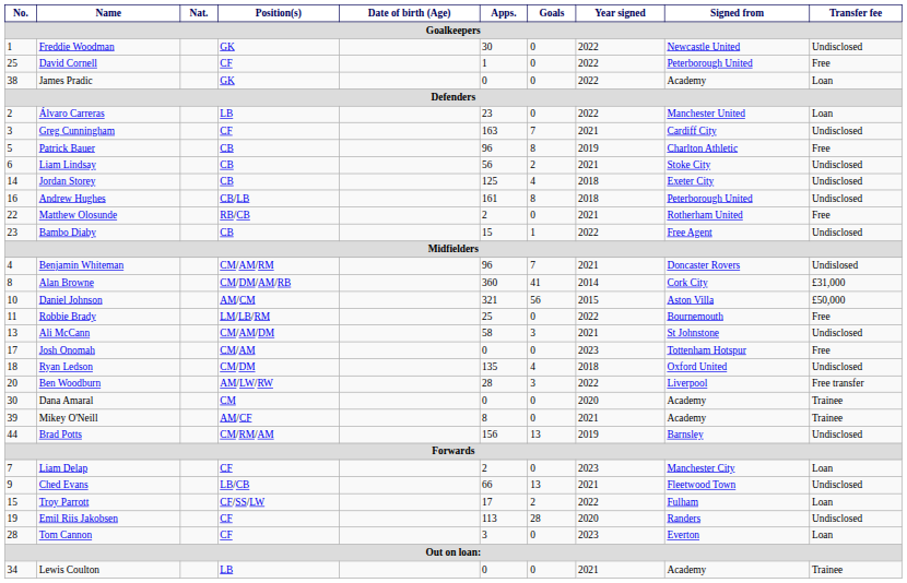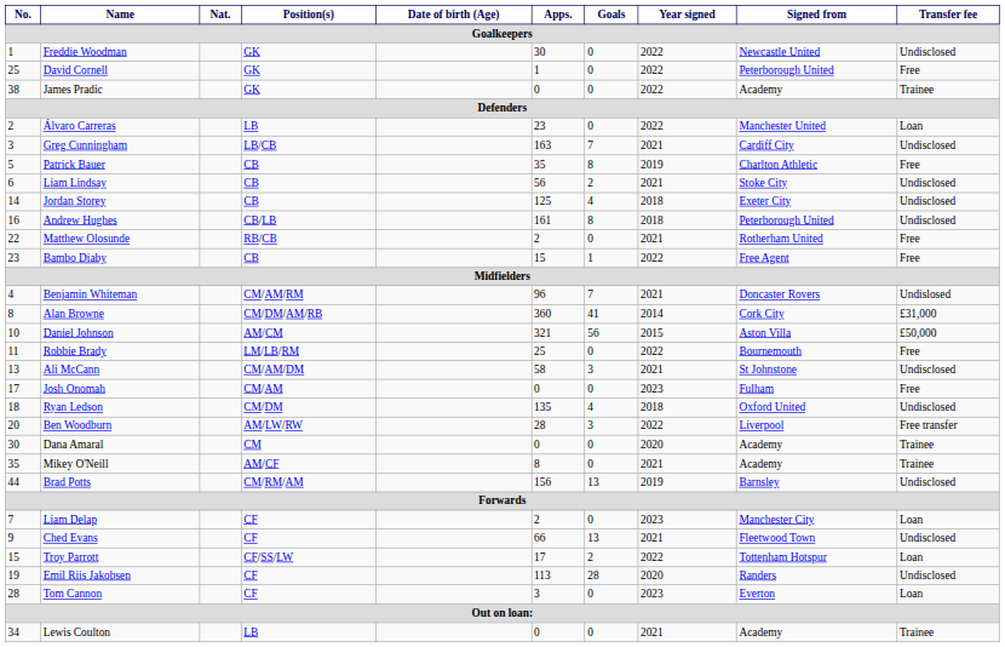 <table class="wikitable" style="font-size:90%;width:100%">
 <tr>
 <th style="background:#ffffff;color:#00005a;border:1px solid #000056">No.</th>
 <th style="background:#ffffff;color:#00005a;border:1px solid #000056">Name</th>
 <th style="background:#ffffff;color:#00005a;border:1px solid #000056">Nat.</th>
 <th style="background:#ffffff;color:#00005a;border:1px solid #000056">Position(s)</th>
 <th style="background:#ffffff;color:#00005a;border:1px solid #000056">Date of birth (Age)</th>
 <th style="background:#ffffff;color:#00005a;border:1px solid #000056">Apps.</th>
 <th style="background:#ffffff;color:#00005a;border:1px solid #000056">Goals</th>
 <th style="background:#ffffff;color:#00005a;border:1px solid #000056">Year signed</th>
 <th style="background:#ffffff;color:#00005a;border:1px solid #000056">Signed from</th>
 <th style="background:#ffffff;color:#00005a;border:1px solid #000056">Transfer fee</th>
 </tr>
 <tr>
 <th colspan=11 style="background:#dcdcdc">Goalkeepers</th>
 </tr>
 <tr>
 <td>1</td>
 <td><a href='#'>Freddie Woodman</a></td>
 <td></td>
 <td><a href='#'>GK</a></td>
 <td></td>
 <td>30</td>
 <td>0</td>
 <td>2022</td>
 <td> <a href='#'>Newcastle United</a></td>
 <td>Undisclosed</td>
 </tr>
 <tr>
 <td>25</td>
 <td><a href='#'>David Cornell</a></td>
 <td></td>
-<td><a href='#'>CF</a></td>
+<td><a href='#'>GK</a></td>
 <td></td>
 <td>1</td>
 <td>0</td>
 <td>2022</td>
 <td> <a href='#'>Peterborough United</a></td>
 <td>Free</td>
 </tr>
 <tr>
 <td>38</td>
 <td>James Pradic</td>
 <td></td>
 <td><a href='#'>GK</a></td>
 <td></td>
 <td>0</td>
 <td>0</td>
 <td>2022</td>
 <td>Academy</td>
-<td>Loan</td>
+<td>Trainee</td>
 </tr>
 <tr>
 <th colspan=11 style="background:#dcdcdc">Defenders</th>
 </tr>
 <tr>
 <td>2</td>
 <td><a href='#'>Álvaro Carreras</a></td>
 <td></td>
 <td><a href='#'>LB</a></td>
 <td></td>
 <td>23</td>
 <td>0</td>
 <td>2022</td>
 <td> <a href='#'>Manchester United</a></td>
 <td>Loan</td>
 </tr>
 <tr>
 <td>3</td>
 <td><a href='#'>Greg Cunningham</a></td>
 <td></td>
-<td><a href='#'>CF</a></td>
+<td><a href='#'>LB</a>/<a href='#'>CB</a></td>
 <td></td>
 <td>163</td>
 <td>7</td>
 <td>2021</td>
 <td> <a href='#'>Cardiff City</a></td>
 <td>Undisclosed</td>
 </tr>
 <tr>
 <td>5</td>
 <td><a href='#'>Patrick Bauer</a></td>
 <td></td>
 <td><a href='#'>CB</a></td>
 <td></td>
-<td>96</td>
+<td>35</td>
 <td>8</td>
 <td>2019</td>
 <td> <a href='#'>Charlton Athletic</a></td>
 <td>Free</td>
 </tr>
 <tr>
 <td>6</td>
 <td><a href='#'>Liam Lindsay</a></td>
 <td></td>
 <td><a href='#'>CB</a></td>
 <td></td>
 <td>56</td>
 <td>2</td>
 <td>2021</td>
 <td> <a href='#'>Stoke City</a></td>
 <td>Undisclosed</td>
 </tr>
 <tr>
 <td>14</td>
 <td><a href='#'>Jordan Storey</a></td>
 <td></td>
 <td><a href='#'>CB</a></td>
 <td></td>
 <td>125</td>
 <td>4</td>
 <td>2018</td>
 <td> <a href='#'>Exeter City</a></td>
 <td>Undisclosed</td>
 </tr>
 <tr>
 <td>16</td>
 <td><a href='#'>Andrew Hughes</a></td>
 <td></td>
 <td><a href='#'>CB</a>/<a href='#'>LB</a></td>
 <td></td>
 <td>161</td>
 <td>8</td>
 <td>2018</td>
 <td> <a href='#'>Peterborough United</a></td>
 <td>Undisclosed</td>
 </tr>
 <tr>
 <td>22</td>
 <td><a href='#'>Matthew Olosunde</a></td>
 <td></td>
 <td><a href='#'>RB</a>/<a href='#'>CB</a></td>
 <td></td>
 <td>2</td>
 <td>0</td>
 <td>2021</td>
 <td> <a href='#'>Rotherham United</a></td>
 <td>Free</td>
 </tr>
 <tr>
 <td>23</td>
 <td><a href='#'>Bambo Diaby</a></td>
 <td></td>
 <td><a href='#'>CB</a></td>
 <td></td>
 <td>15</td>
 <td>1</td>
 <td>2022</td>
 <td><a href='#'>Free Agent</a></td>
-<td>Undisclosed</td>
+<td>Free</td>
 </tr>
 <tr>
 <th colspan=11 style="background:#dcdcdc">Midfielders</th>
 </tr>
 <tr>
 <td>4</td>
 <td><a href='#'>Benjamin Whiteman</a></td>
 <td></td>
 <td><a href='#'>CM</a>/<a href='#'>AM</a>/<a href='#'>RM</a></td>
 <td></td>
 <td>96</td>
 <td>7</td>
 <td>2021</td>
 <td> <a href='#'>Doncaster Rovers</a></td>
 <td>Undislosed</td>
 </tr>
 <tr>
 <td>8</td>
 <td><a href='#'>Alan Browne</a></td>
 <td></td>
 <td><a href='#'>CM</a>/<a href='#'>DM</a>/<a href='#'>AM</a>/<a href='#'>RB</a></td>
 <td></td>
 <td>360</td>
 <td>41</td>
 <td>2014</td>
 <td> <a href='#'>Cork City</a></td>
 <td>£31,000</td>
 </tr>
 <tr>
 <td>10</td>
 <td><a href='#'>Daniel Johnson</a></td>
 <td></td>
 <td><a href='#'>AM</a>/<a href='#'>CM</a></td>
 <td></td>
 <td>321</td>
 <td>56</td>
 <td>2015</td>
 <td> <a href='#'>Aston Villa</a></td>
 <td>£50,000</td>
 </tr>
 <tr>
 <td>11</td>
 <td><a href='#'>Robbie Brady</a></td>
 <td></td>
 <td><a href='#'>LM</a>/<a href='#'>LB</a>/<a href='#'>RM</a></td>
 <td></td>
 <td>25</td>
 <td>0</td>
 <td>2022</td>
 <td> <a href='#'>Bournemouth</a></td>
 <td>Free</td>
 </tr>
 <tr>
 <td>13</td>
 <td><a href='#'>Ali McCann</a></td>
 <td></td>
 <td><a href='#'>CM</a>/<a href='#'>AM</a>/<a href='#'>DM</a></td>
 <td></td>
 <td>58</td>
 <td>3</td>
 <td>2021</td>
 <td> <a href='#'>St Johnstone</a></td>
 <td>Undisclosed</td>
 </tr>
 <tr>
 <td>17</td>
 <td><a href='#'>Josh Onomah</a></td>
 <td></td>
 <td><a href='#'>CM</a>/<a href='#'>AM</a></td>
 <td></td>
 <td>0</td>
 <td>0</td>
 <td>2023</td>
-<td> <a href='#'>Tottenham Hotspur</a></td>
+<td> <a href='#'>Fulham</a></td>
 <td>Free</td>
 </tr>
 <tr>
 <td>18</td>
 <td><a href='#'>Ryan Ledson</a></td>
 <td></td>
 <td><a href='#'>CM</a>/<a href='#'>DM</a></td>
 <td></td>
 <td>135</td>
 <td>4</td>
 <td>2018</td>
 <td> <a href='#'>Oxford United</a></td>
 <td>Undisclosed</td>
 </tr>
 <tr>
 <td>20</td>
 <td><a href='#'>Ben Woodburn</a></td>
 <td></td>
 <td><a href='#'>AM</a>/<a href='#'>LW</a>/<a href='#'>RW</a></td>
 <td></td>
 <td>28</td>
 <td>3</td>
 <td>2022</td>
 <td> <a href='#'>Liverpool</a></td>
 <td>Free transfer</td>
 </tr>
 <tr>
 <td>30</td>
 <td>Dana Amaral</td>
 <td></td>
 <td><a href='#'>CM</a></td>
 <td></td>
 <td>0</td>
 <td>0</td>
 <td>2020</td>
 <td>Academy</td>
 <td>Trainee</td>
 </tr>
 <tr>
-<td>39</td>
+<td>35</td>
 <td>Mikey O'Neill</td>
 <td></td>
 <td><a href='#'>AM</a>/<a href='#'>CF</a></td>
 <td></td>
 <td>8</td>
 <td>0</td>
 <td>2021</td>
 <td>Academy</td>
 <td>Trainee</td>
 </tr>
 <tr>
 <td>44</td>
 <td><a href='#'>Brad Potts</a></td>
 <td></td>
 <td><a href='#'>CM</a>/<a href='#'>RM</a>/<a href='#'>AM</a></td>
 <td></td>
 <td>156</td>
 <td>13</td>
 <td>2019</td>
 <td> <a href='#'>Barnsley</a></td>
 <td>Undisclosed</td>
 </tr>
 <tr>
 <th colspan=11 style="background:#dcdcdc">Forwards</th>
 </tr>
 <tr>
 <td>7</td>
 <td><a href='#'>Liam Delap</a></td>
 <td></td>
 <td><a href='#'>CF</a></td>
 <td></td>
 <td>2</td>
 <td>0</td>
 <td>2023</td>
 <td> <a href='#'>Manchester City</a></td>
 <td>Loan</td>
 </tr>
 <tr>
 <td>9</td>
 <td><a href='#'>Ched Evans</a></td>
 <td></td>
-<td><a href='#'>LB</a>/<a href='#'>CB</a></td>
+<td><a href='#'>CF</a></td>
 <td></td>
 <td>66</td>
 <td>13</td>
 <td>2021</td>
 <td> <a href='#'>Fleetwood Town</a></td>
 <td>Undisclosed</td>
 </tr>
 <tr>
 <td>15</td>
 <td><a href='#'>Troy Parrott</a></td>
 <td></td>
 <td><a href='#'>CF</a>/<a href='#'>SS</a>/<a href='#'>LW</a></td>
 <td></td>
 <td>17</td>
 <td>2</td>
 <td>2022</td>
-<td> <a href='#'>Fulham</a></td>
+<td> <a href='#'>Tottenham Hotspur</a></td>
 <td>Loan</td>
 </tr>
 <tr>
 <td>19</td>
 <td><a href='#'>Emil Riis Jakobsen</a></td>
 <td></td>
 <td><a href='#'>CF</a></td>
 <td></td>
 <td>113</td>
 <td>28</td>
 <td>2020</td>
 <td> <a href='#'>Randers</a></td>
 <td>Undisclosed</td>
 </tr>
 <tr>
 <td>28</td>
 <td><a href='#'>Tom Cannon</a></td>
 <td></td>
 <td><a href='#'>CF</a></td>
 <td></td>
 <td>3</td>
 <td>0</td>
 <td>2023</td>
 <td> <a href='#'>Everton</a></td>
 <td>Loan</td>
 </tr>
 <tr>
 <th colspan=11 style="background:#dcdcdc">Out on loan:</th>
 </tr>
 <tr>
 <td>34</td>
 <td>Lewis Coulton</td>
 <td></td>
 <td><a href='#'>LB</a></td>
 <td></td>
 <td>0</td>
 <td>0</td>
 <td>2021</td>
 <td>Academy</td>
 <td>Trainee</td>
 </tr>
 </table>
